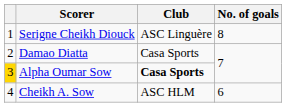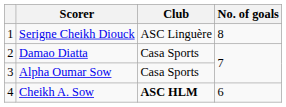 <table class="wikitable">
 <tr>
 <th></th>
 <th>Scorer</th>
 <th>Club</th>
 <th>No. of goals</th>
 </tr>
 <tr>
 <td>1</td>
 <td> <a href='#'>Serigne Cheikh Diouck</a></td>
 <td>ASC Linguère</td>
 <td>8</td>
 </tr>
 <tr>
 <td>2</td>
 <td> <a href='#'>Damao Diatta</a></td>
 <td>Casa Sports</td>
 <td rowspan="2">7</td>
 </tr>
 <tr>
-<td style="background: gold;">3</td>
+<td>3</td>
 <td> <a href='#'>Alpha Oumar Sow</a></td>
-<td><strong>Casa Sports</strong></td>
+<td>Casa Sports</td>
 </tr>
 <tr>
 <td>4</td>
 <td> <a href='#'>Cheikh A. Sow</a></td>
-<td>ASC HLM</td>
+<td><strong>ASC HLM</strong></td>
 <td>6</td>
 </tr>
 </table>
